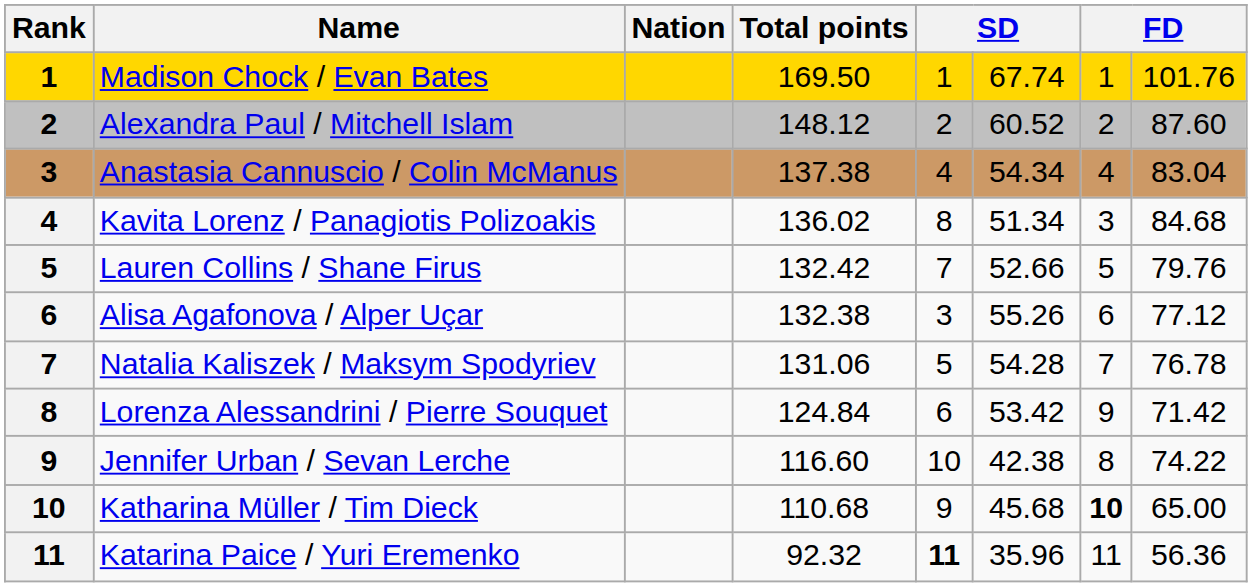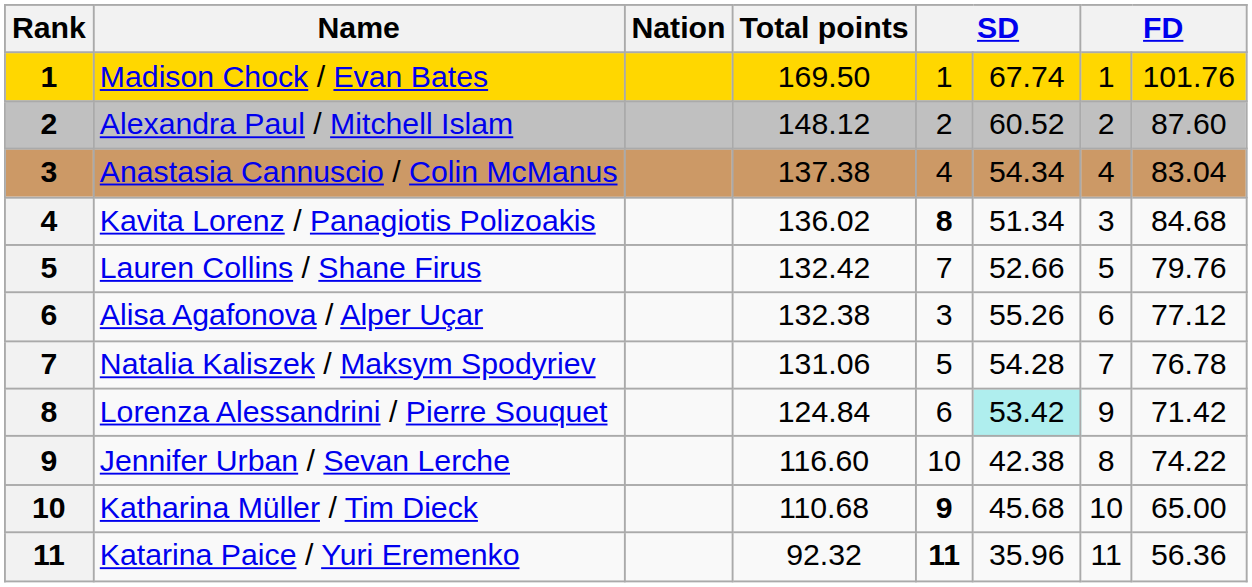 <table class="wikitable sortable">
 <tr>
 <th>Rank</th>
 <th>Name</th>
 <th>Nation</th>
 <th>Total points</th>
 <th colspan="2" width="80px"><a href='#'>SD</a></th>
 <th colspan="2" width="80px"><a href='#'>FD</a></th>
 </tr>
 <tr bgcolor="gold">
 <td align="center"><strong>1</strong></td>
 <td><a href='#'>Madison Chock</a> / <a href='#'>Evan Bates</a></td>
 <td></td>
 <td align="center">169.50</td>
 <td align="center">1</td>
 <td align="center">67.74</td>
 <td align="center">1</td>
 <td align="center">101.76</td>
 </tr>
 <tr bgcolor="silver">
 <td align="center"><strong>2</strong></td>
 <td><a href='#'>Alexandra Paul</a> / <a href='#'>Mitchell Islam</a></td>
 <td></td>
 <td align="center">148.12</td>
 <td align="center">2</td>
 <td align="center">60.52</td>
 <td align="center">2</td>
 <td align="center">87.60</td>
 </tr>
 <tr bgcolor="cc9966">
 <td align="center"><strong>3</strong></td>
 <td><a href='#'>Anastasia Cannuscio</a> / <a href='#'>Colin McManus</a></td>
 <td></td>
 <td align="center">137.38</td>
 <td align="center">4</td>
 <td align="center">54.34</td>
 <td align="center">4</td>
 <td align="center">83.04</td>
 </tr>
 <tr>
 <th>4</th>
 <td><a href='#'>Kavita Lorenz</a> / <a href='#'>Panagiotis Polizoakis</a></td>
 <td></td>
 <td align="center">136.02</td>
-<td align="center">8</td>
+<td align="center"><strong>8</strong></td>
 <td align="center">51.34</td>
 <td align="center">3</td>
 <td align="center">84.68</td>
 </tr>
 <tr>
 <th>5</th>
 <td><a href='#'>Lauren Collins</a> / <a href='#'>Shane Firus</a></td>
 <td></td>
 <td align="center">132.42</td>
 <td align="center">7</td>
 <td align="center">52.66</td>
 <td align="center">5</td>
 <td align="center">79.76</td>
 </tr>
 <tr>
 <th>6</th>
 <td><a href='#'>Alisa Agafonova</a> / <a href='#'>Alper Uçar</a></td>
 <td></td>
 <td align="center">132.38</td>
 <td align="center">3</td>
 <td align="center">55.26</td>
 <td align="center">6</td>
 <td align="center">77.12</td>
 </tr>
 <tr>
 <th>7</th>
 <td><a href='#'>Natalia Kaliszek</a> / <a href='#'>Maksym Spodyriev</a></td>
 <td></td>
 <td align="center">131.06</td>
 <td align="center">5</td>
 <td align="center">54.28</td>
 <td align="center">7</td>
 <td align="center">76.78</td>
 </tr>
 <tr>
 <th>8</th>
 <td><a href='#'>Lorenza Alessandrini</a> / <a href='#'>Pierre Souquet</a></td>
 <td></td>
 <td align="center">124.84</td>
 <td align="center">6</td>
-<td align="center">53.42</td>
+<td align="center" style="background: paleturquoise;">53.42</td>
 <td align="center">9</td>
 <td align="center">71.42</td>
 </tr>
 <tr>
 <th>9</th>
 <td><a href='#'>Jennifer Urban</a> / <a href='#'>Sevan Lerche</a></td>
 <td></td>
 <td align="center">116.60</td>
 <td align="center">10</td>
 <td align="center">42.38</td>
 <td align="center">8</td>
 <td align="center">74.22</td>
 </tr>
 <tr>
 <th>10</th>
 <td><a href='#'>Katharina Müller</a> / <a href='#'>Tim Dieck</a></td>
 <td></td>
 <td align="center">110.68</td>
-<td align="center">9</td>
+<td align="center"><strong>9</strong></td>
 <td align="center">45.68</td>
-<td align="center"><strong>10</strong></td>
+<td align="center">10</td>
 <td align="center">65.00</td>
 </tr>
 <tr>
 <th>11</th>
 <td><a href='#'>Katarina Paice</a> / <a href='#'>Yuri Eremenko</a></td>
 <td></td>
 <td align="center">92.32</td>
 <td align="center"><strong>11</strong></td>
 <td align="center">35.96</td>
 <td align="center">11</td>
 <td align="center">56.36</td>
 </tr>
 </table>
